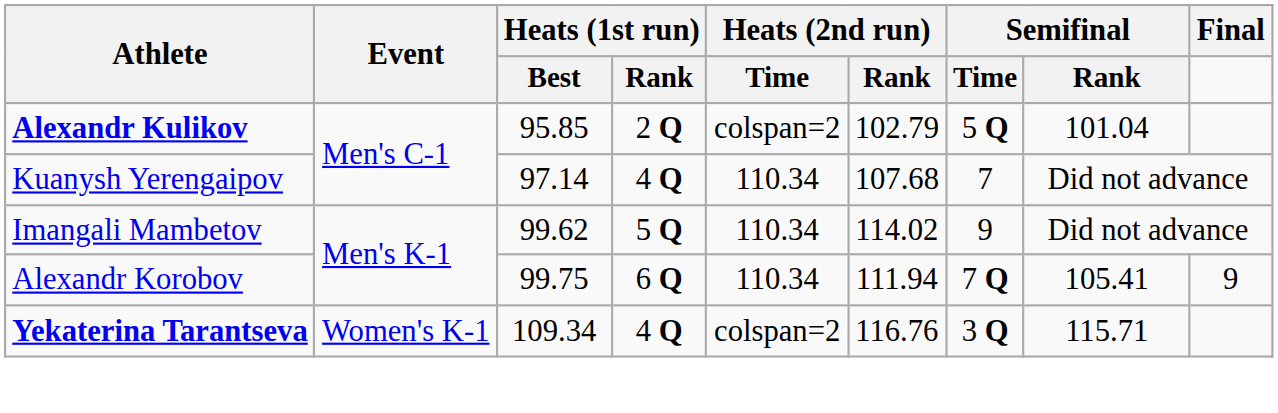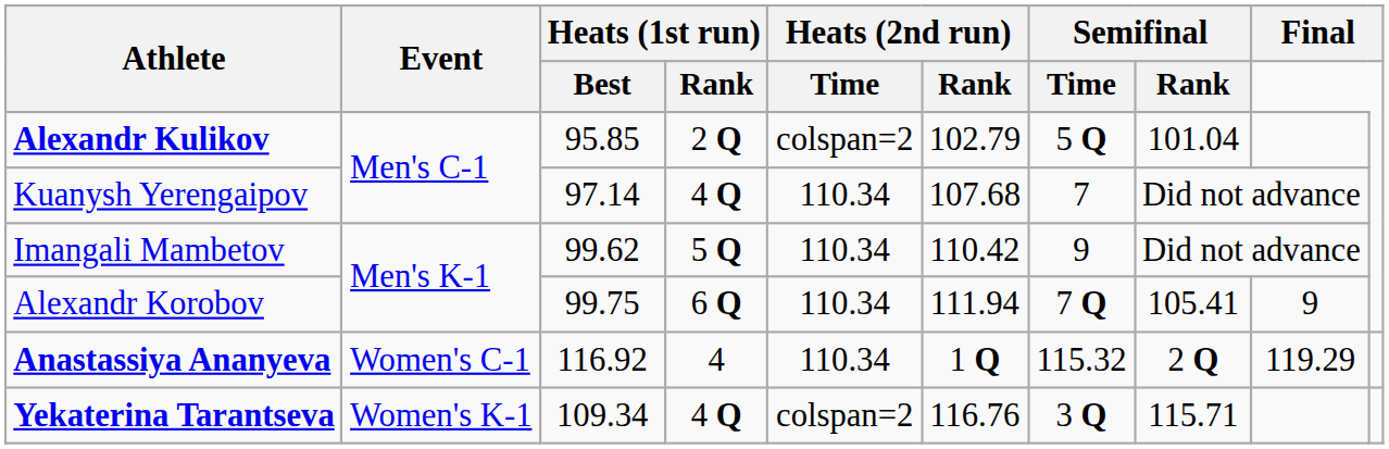 <table class=wikitable style=font-size:90%;text-align:center>
 <tr>
 <th rowspan=2>Athlete</th>
 <th rowspan=2>Event</th>
 <th colspan=2>Heats (1st run)</th>
 <th colspan=2>Heats (2nd run)</th>
 <th colspan=2>Semifinal</th>
 <th colspan=2>Final</th>
 </tr>
 <tr style="font-size:95%">
 <th>Best</th>
 <th>Rank</th>
 <th>Time</th>
 <th>Rank</th>
 <th>Time</th>
 <th>Rank</th>
 </tr>
 <tr>
 <td align=left><strong><a href='#'>Alexandr Kulikov</a></strong></td>
 <td align=left rowspan=2><a href='#'>Men's C-1</a></td>
 <td>95.85</td>
 <td>2 <strong>Q</strong></td>
 <td>colspan=2 </td>
 <td>102.79</td>
 <td>5 <strong>Q</strong></td>
 <td>101.04</td>
 <td></td>
 </tr>
 <tr>
 <td align=left><a href='#'>Kuanysh Yerengaipov</a></td>
 <td>97.14</td>
 <td>4 <strong>Q</strong></td>
 <td>110.34</td>
 <td>107.68</td>
 <td>7</td>
 <td colspan=2>Did not advance</td>
 </tr>
 <tr>
 <td align=left><a href='#'>Imangali Mambetov</a></td>
 <td align=left rowspan=2><a href='#'>Men's K-1</a></td>
 <td>99.62</td>
 <td>5 <strong>Q</strong></td>
 <td>110.34</td>
-<td>114.02</td>
+<td>110.42</td>
 <td>9</td>
 <td colspan=2>Did not advance</td>
 </tr>
 <tr>
 <td align=left><a href='#'>Alexandr Korobov</a></td>
 <td>99.75</td>
 <td>6 <strong>Q</strong></td>
 <td>110.34</td>
 <td>111.94</td>
 <td>7 <strong>Q</strong></td>
 <td>105.41</td>
 <td>9</td>
 </tr>
 <tr>
+<td align=left><strong><a href='#'>Anastassiya Ananyeva</a></strong></td>
+<td align=left><a href='#'>Women's C-1</a></td>
+<td>116.92</td>
+<td>4</td>
+<td>110.34</td>
+<td>1 <strong>Q</strong></td>
+<td>115.32</td>
+<td>2 <strong>Q</strong></td>
+<td>119.29</td>
+<td></td>
+</tr>
+<tr>
 <td align=left><strong><a href='#'>Yekaterina Tarantseva</a></strong></td>
 <td align=left><a href='#'>Women's K-1</a></td>
 <td>109.34</td>
 <td>4 <strong>Q</strong></td>
 <td>colspan=2 </td>
 <td>116.76</td>
 <td>3 <strong>Q</strong></td>
 <td>115.71</td>
 <td></td>
 </tr>
 </table>
